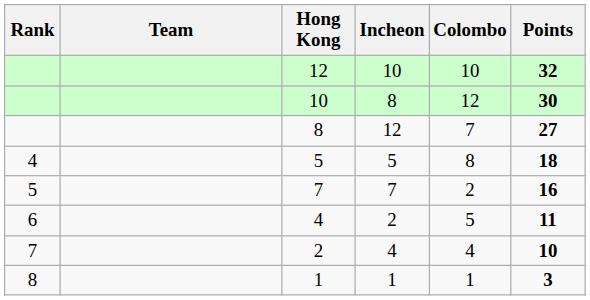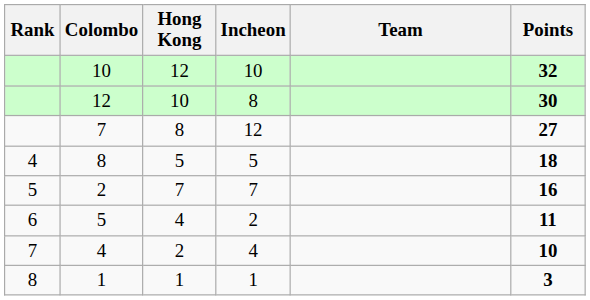 <table class="wikitable" style="text-align: center;">
 <tr>
 <th width=40>Rank</th>
-<th width=180>Team</th>
+<th width=55>Colombo</th>
 <th width=55>Hong Kong</th>
 <th width=55>Incheon</th>
-<th width=55>Colombo</th>
+<th width=180>Team</th>
 <th width=55>Points</th>
 </tr>
 <tr bgcolor=ccffcc>
 <td></td>
-<td align=left></td>
+<td>10</td>
 <td>12</td>
 <td>10</td>
-<td>10</td>
+<td align=left></td>
 <td><strong>32</strong></td>
 </tr>
 <tr bgcolor=ccffcc>
 <td></td>
-<td align=left></td>
+<td>12</td>
 <td>10</td>
 <td>8</td>
-<td>12</td>
+<td align=left></td>
 <td><strong>30</strong></td>
 </tr>
 <tr>
 <td></td>
-<td align=left></td>
+<td>7</td>
 <td>8</td>
 <td>12</td>
-<td>7</td>
+<td align=left></td>
 <td><strong>27</strong></td>
 </tr>
 <tr>
 <td>4</td>
-<td align=left></td>
+<td>8</td>
 <td>5</td>
 <td>5</td>
-<td>8</td>
+<td align=left></td>
 <td><strong>18</strong></td>
 </tr>
 <tr>
 <td>5</td>
-<td align=left></td>
+<td>2</td>
 <td>7</td>
 <td>7</td>
-<td>2</td>
+<td align=left></td>
 <td><strong>16</strong></td>
 </tr>
 <tr>
 <td>6</td>
-<td align=left></td>
+<td>5</td>
 <td>4</td>
 <td>2</td>
-<td>5</td>
+<td align=left></td>
 <td><strong>11</strong></td>
 </tr>
 <tr>
 <td>7</td>
-<td align=left></td>
+<td>4</td>
 <td>2</td>
 <td>4</td>
-<td>4</td>
+<td align=left></td>
 <td><strong>10</strong></td>
 </tr>
 <tr>
 <td>8</td>
-<td align=left></td>
 <td>1</td>
 <td>1</td>
 <td>1</td>
+<td align=left></td>
 <td><strong>3</strong></td>
 </tr>
 </table>
